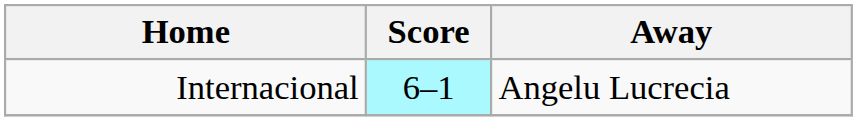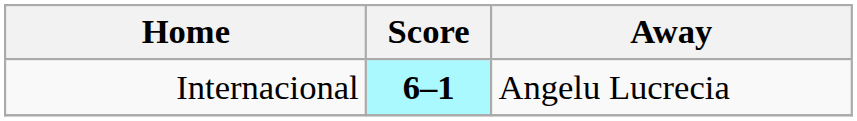 <table class="wikitable" style="text-align: center">
 <tr>
 <th width=160>Home</th>
 <th width=50>Score</th>
 <th width=160>Away</th>
 </tr>
 <tr>
 <td style="text-align:right">Internacional</td>
-<td bgcolor=AAF9FF>6–1</td>
+<td bgcolor=AAF9FF><strong>6–1</strong></td>
 <td style="text-align:left">Angelu Lucrecia</td>
 </tr>
 <tr>
 </tr>
 </table>
